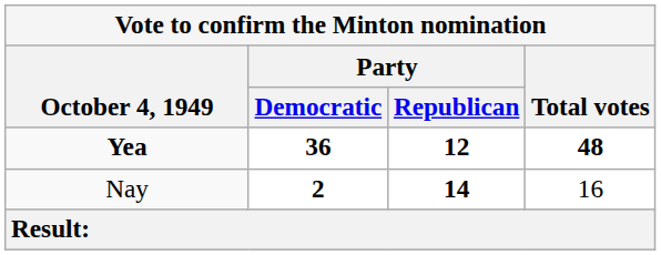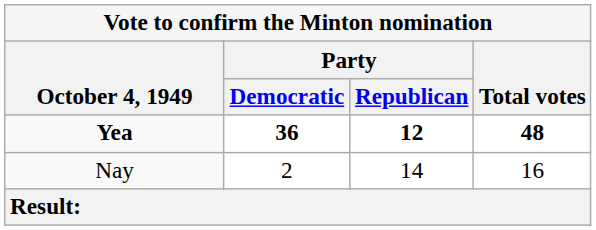 <table class="wikitable" style="text-align:center">
 <tr>
 <th colspan=4 style="background:#f5f5f5">Vote to confirm the Minton nomination</th>
 </tr>
 <tr style="vertical-align:bottom;">
 <th rowspan=2 style="width: 9em;">October 4, 1949</th>
 <th colspan=2>Party</th>
 <th rowspan=2>Total votes</th>
 </tr>
 <tr style="vertical-align:bottom;">
 <th><a href='#'>Democratic</a></th>
 <th><a href='#'>Republican</a></th>
 </tr>
 <tr>
 <td><strong>Yea</strong></td>
 <td style="background:#ffffff"><strong>36</strong></td>
 <td style="background:#ffffff"><strong>12</strong></td>
 <td style="background:#ffffff"><strong>48</strong></td>
 </tr>
 <tr>
 <td>Nay</td>
-<td style="background:#ffffff"><strong>2</strong></td>
-<td style="background:#ffffff"><strong>14</strong></td>
+<td style="background:#ffffff">2</td>
+<td style="background:#ffffff">14</td>
 <td style="background:#ffffff">16</td>
 </tr>
 <tr>
 <th colspan=5 style="text-align:left;">Result: </th>
 </tr>
 </table>
